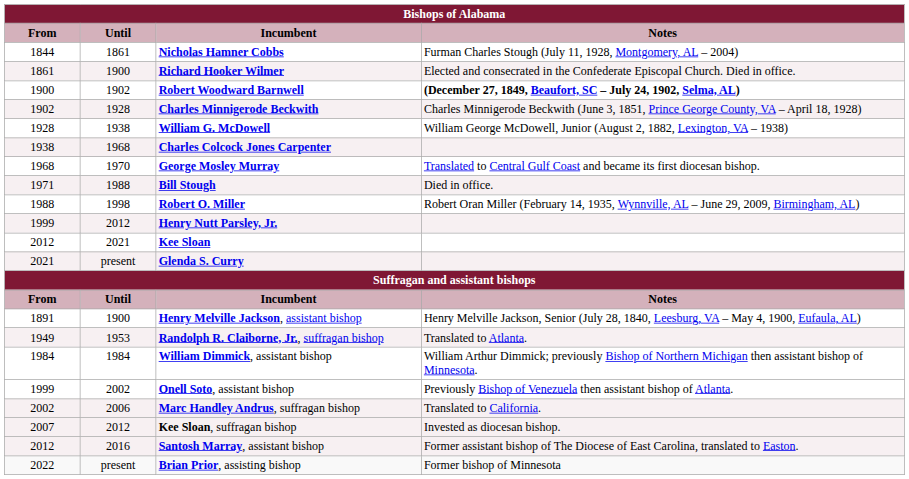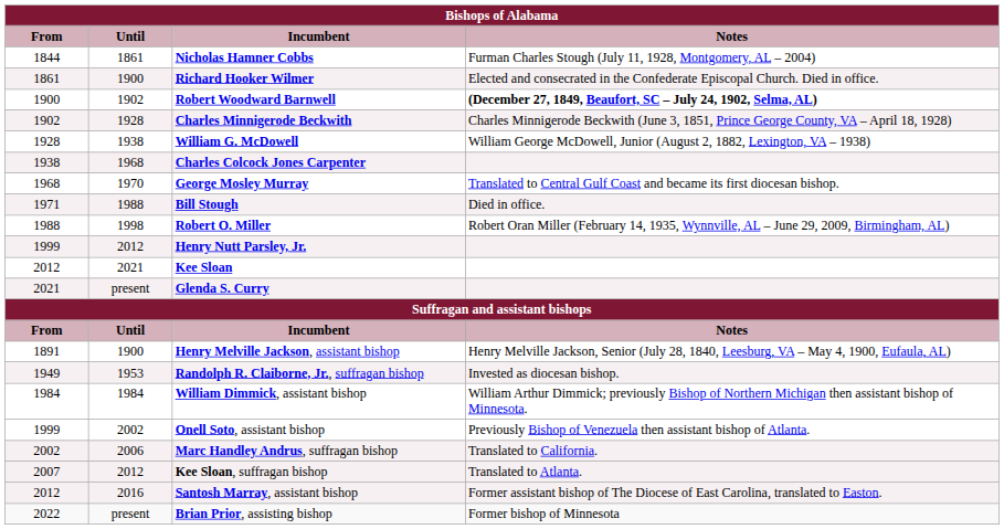 <table class="wikitable" style="width: 95%;">
 <tr>
 <th colspan="4" style="background-color: #7F1734; color: white;">Bishops of Alabama</th>
 </tr>
 <tr>
 <th style="background-color: #D4B1BB; width: 8%;">From</th>
 <th style="background-color: #D4B1BB; width: 8%;">Until</th>
 <th style="background-color: #D4B1BB; width: 28%;">Incumbent</th>
 <th style="background-color: #D4B1BB; width: 51%;">Notes</th>
 </tr>
 <tr valign="top" style="background-color: white;">
 <td style="text-align: center;">1844</td>
 <td style="text-align: center;">1861</td>
 <td><strong><a href='#'>Nicholas Hamner Cobbs</a></strong></td>
 <td>Furman Charles Stough (July 11, 1928, <a href='#'>Montgomery, AL</a> – 2004)</td>
 </tr>
 <tr valign="top" style="background-color: #F7F0F2;">
 <td style="text-align: center;">1861</td>
 <td style="text-align: center;">1900</td>
 <td><strong><a href='#'>Richard Hooker Wilmer</a></strong></td>
 <td>Elected and consecrated in the Confederate Episcopal Church. Died in office.</td>
 </tr>
 <tr valign="top" style="background-color: white;">
 <td style="text-align: center;">1900</td>
 <td style="text-align: center;">1902</td>
 <td><strong><a href='#'>Robert Woodward Barnwell</a></strong></td>
 <td><strong>(December 27, 1849, <a href='#'>Beaufort, SC</a> – July 24, 1902, <a href='#'>Selma, AL</a>)</strong></td>
 </tr>
 <tr valign="top" style="background-color: #F7F0F2;">
 <td style="text-align: center;">1902</td>
 <td style="text-align: center;">1928</td>
 <td><strong><a href='#'>Charles Minnigerode Beckwith</a></strong></td>
 <td>Charles Minnigerode Beckwith (June 3, 1851, <a href='#'>Prince George County, VA</a> – April 18, 1928)</td>
 </tr>
 <tr valign="top" style="background-color: white;">
 <td style="text-align: center;">1928</td>
 <td style="text-align: center;">1938</td>
 <td><strong><a href='#'>William G. McDowell</a></strong></td>
 <td>William George McDowell, Junior (August 2, 1882, <a href='#'>Lexington, VA</a> – 1938)</td>
 </tr>
 <tr valign="top" style="background-color: #F7F0F2;">
 <td style="text-align: center;">1938</td>
 <td style="text-align: center;">1968</td>
 <td><strong><a href='#'>Charles Colcock Jones Carpenter</a></strong></td>
 <td></td>
 </tr>
 <tr valign="top" style="background-color: white;">
 <td style="text-align: center;">1968</td>
 <td style="text-align: center;">1970</td>
 <td><strong><a href='#'>George Mosley Murray</a></strong></td>
 <td><a href='#'>Translated</a> to <a href='#'>Central Gulf Coast</a> and became its first diocesan bishop.</td>
 </tr>
 <tr valign="top" style="background-color: #F7F0F2;">
 <td style="text-align: center;">1971</td>
 <td style="text-align: center;">1988</td>
 <td><strong><a href='#'>Bill Stough</a></strong></td>
 <td>Died in office.</td>
 </tr>
 <tr valign="top" style="background-color: white;">
 <td style="text-align: center;">1988</td>
 <td style="text-align: center;">1998</td>
 <td><strong><a href='#'>Robert O. Miller</a></strong></td>
 <td>Robert Oran Miller (February 14, 1935, <a href='#'>Wynnville, AL</a> – June 29, 2009, <a href='#'>Birmingham, AL</a>)</td>
 </tr>
 <tr valign="top" style="background-color: #F7F0F2;">
 <td style="text-align: center;">1999</td>
 <td style="text-align: center;">2012</td>
 <td><strong><a href='#'>Henry Nutt Parsley, Jr.</a></strong></td>
 <td></td>
 </tr>
 <tr valign="top" style="background-color: white;">
 <td style="text-align: center;">2012</td>
 <td style="text-align: center;">2021</td>
 <td><strong><a href='#'>Kee Sloan</a></strong></td>
 <td></td>
 </tr>
 <tr valign="top" style="background-color: #F7F0F2;">
 <td style="text-align: center;">2021</td>
 <td style="text-align: center;">present</td>
 <td><strong><a href='#'>Glenda S. Curry</a></strong></td>
 <td></td>
 </tr>
 <tr>
 <th colspan="4" style="background-color: #7F1734; color: white;">Suffragan and assistant bishops</th>
 </tr>
 <tr>
 <th style="background-color: #D4B1BB;">From</th>
 <th style="background-color: #D4B1BB;">Until</th>
 <th style="background-color: #D4B1BB;">Incumbent</th>
 <th style="background-color: #D4B1BB;">Notes</th>
 </tr>
 <tr valign="top" style="background-color: white;">
 <td style="text-align: center;">1891</td>
 <td style="text-align: center;">1900</td>
 <td><strong><a href='#'>Henry Melville Jackson</a></strong>, <a href='#'>assistant bishop</a></td>
 <td>Henry Melville Jackson, Senior (July 28, 1840, <a href='#'>Leesburg, VA</a> – May 4, 1900, <a href='#'>Eufaula, AL</a>)</td>
 </tr>
 <tr valign="top" style="background-color: #F7F0F2;">
 <td style="text-align: center;">1949</td>
 <td style="text-align: center;">1953</td>
 <td><strong><a href='#'>Randolph R. Claiborne, Jr.</a></strong>, <a href='#'>suffragan bishop</a></td>
-<td>Translated to <a href='#'>Atlanta</a>.</td>
+<td>Invested as diocesan bishop.</td>
 </tr>
 <tr valign="top" style="background-color: white;">
 <td style="text-align: center;">1984</td>
 <td style="text-align: center;">1984</td>
 <td><strong><a href='#'>William Dimmick</a></strong>, assistant bishop</td>
 <td>William Arthur Dimmick; previously <a href='#'>Bishop of Northern Michigan</a> then assistant bishop of <a href='#'>Minnesota</a>.</td>
 </tr>
 <tr valign="top" style="background-color: white;">
 <td style="text-align: center;">1999</td>
 <td style="text-align: center;">2002</td>
 <td><strong><a href='#'>Onell Soto</a></strong>, assistant bishop</td>
 <td>Previously <a href='#'>Bishop of Venezuela</a> then assistant bishop of <a href='#'>Atlanta</a>.</td>
 </tr>
 <tr valign="top" style="background-color: #F7F0F2;">
 <td style="text-align: center;">2002</td>
 <td style="text-align: center;">2006</td>
 <td><strong><a href='#'>Marc Handley Andrus</a></strong>, suffragan bishop</td>
 <td>Translated to <a href='#'>California</a>.</td>
 </tr>
 <tr valign="top" style="background-color: #F7F0F2;">
 <td style="text-align: center;">2007</td>
 <td style="text-align: center;">2012</td>
 <td><strong>Kee Sloan</strong>, suffragan bishop</td>
-<td>Invested as diocesan bishop.</td>
+<td>Translated to <a href='#'>Atlanta</a>.</td>
 </tr>
 <tr valign="top" style="background-color: #F7F0F2;">
 <td style="text-align: center;">2012</td>
 <td style="text-align: center;">2016</td>
 <td><strong><a href='#'>Santosh Marray</a></strong>, assistant bishop</td>
 <td>Former assistant bishop of The Diocese of East Carolina, translated to <a href='#'>Easton</a>.</td>
 </tr>
 <tr>
 <td style="text-align: center;">2022</td>
 <td style="text-align: center;">present</td>
 <td><strong><a href='#'>Brian Prior</a></strong>, assisting bishop</td>
 <td>Former bishop of Minnesota</td>
 </tr>
 </table>
